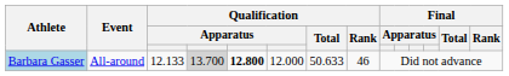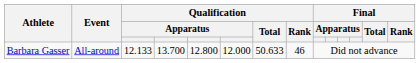 <table class="wikitable" style="font-size:90%">
 <tr>
 <th rowspan=3>Athlete</th>
 <th rowspan=3>Event</th>
 <th colspan =6>Qualification</th>
 <th colspan =6>Final</th>
 </tr>
 <tr style="font-size:95%">
 <th colspan=4>Apparatus</th>
 <th rowspan=2>Total</th>
 <th rowspan=2>Rank</th>
 <th colspan=4>Apparatus</th>
 <th rowspan=2>Total</th>
 <th rowspan=2>Rank</th>
 </tr>
 <tr style="font-size:95%">
 <th></th>
 <th></th>
 <th></th>
 <th></th>
 <th></th>
 <th></th>
 <th></th>
 <th></th>
 </tr>
 <tr align=center>
-<td align=left style="background: lightblue;"><a href='#'>Barbara Gasser</a></td>
+<td align=left><a href='#'>Barbara Gasser</a></td>
 <td align=left><a href='#'>All-around</a></td>
 <td>12.133</td>
-<td style="background: lightgrey;">13.700</td>
-<td><strong>12.800</strong></td>
+<td>13.700</td>
+<td>12.800</td>
 <td>12.000</td>
 <td>50.633</td>
 <td>46</td>
 <td colspan=6>Did not advance</td>
 </tr>
 </table>
